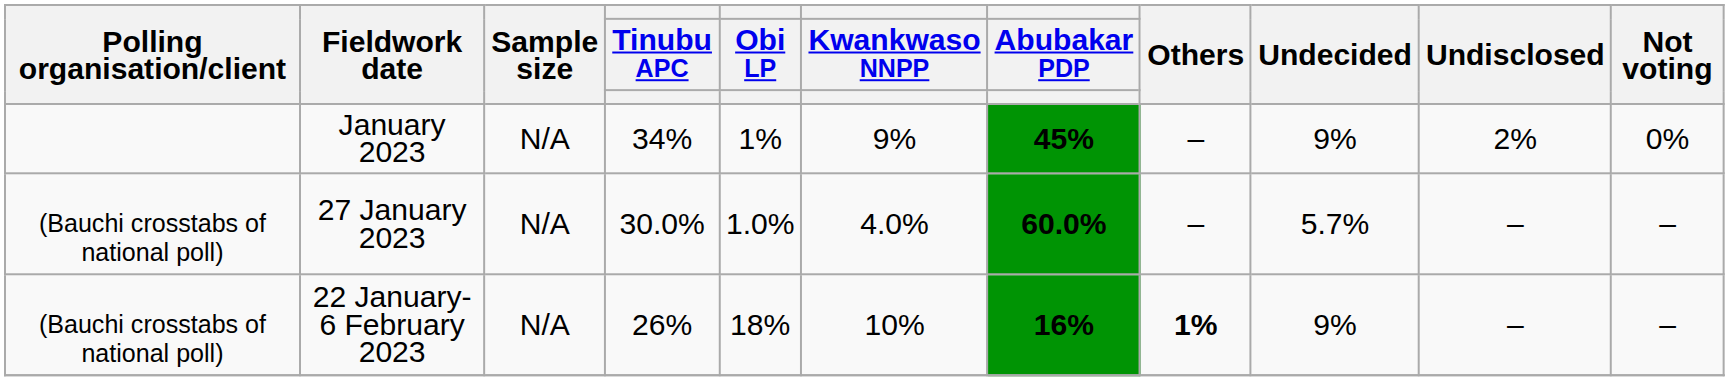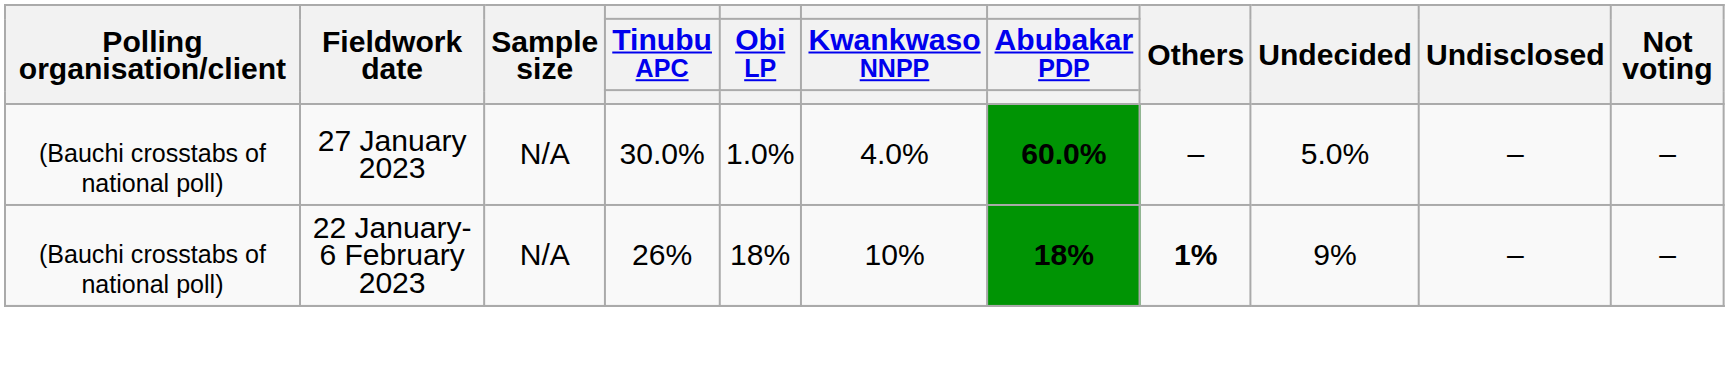 <table class="wikitable" style="text-align:center;font-size:95%;line-height:14px;">
 <tr>
 <th rowspan="3">Polling organisation/client</th>
 <th rowspan="3">Fieldwork<br>date</th>
 <th rowspan="3">Sample<br>size</th>
 <th></th>
 <th></th>
 <th></th>
 <th></th>
 <th rowspan="3">Others</th>
 <th rowspan="3">Undecided</th>
 <th rowspan="3">Undisclosed</th>
 <th rowspan="3">Not voting</th>
 </tr>
 <tr>
 <th><a href='#'>Tinubu</a><br><small><a href='#'>APC</a></small></th>
 <th><a href='#'>Obi</a><br><small><a href='#'>LP</a></small></th>
 <th><a href='#'>Kwankwaso</a><br><small><a href='#'>NNPP</a></small></th>
 <th><a href='#'>Abubakar</a><br><small><a href='#'>PDP</a></small></th>
 </tr>
 <tr>
 <th style="background:"></th>
 <th style="background:"></th>
 <th style="background:"></th>
 <th style="background:"></th>
 </tr>
 <tr>
-<td></td>
-<td>January 2023</td>
-<td>N/A</td>
-<td>34%</td>
-<td>1%</td>
-<td>9%</td>
-<td bgcolor=#009404><strong>45%</strong></td>
-<td>–</td>
-<td>9%</td>
-<td>2%</td>
-<td>0%</td>
-</tr>
-<tr>
 <td><br><small>(Bauchi crosstabs of national poll)</small></td>
 <td>27 January 2023</td>
 <td>N/A</td>
 <td>30.0%</td>
 <td>1.0%</td>
 <td>4.0%</td>
 <td bgcolor=#009404><strong>60.0%</strong></td>
 <td>–</td>
-<td>5.7%</td>
+<td>5.0%</td>
 <td>–</td>
 <td>–</td>
 </tr>
 <tr>
 <td><br><small>(Bauchi crosstabs of national poll)</small></td>
 <td>22 January-6 February 2023</td>
 <td>N/A</td>
 <td>26%</td>
 <td>18%</td>
 <td>10%</td>
-<td bgcolor=#009404><strong>16%</strong></td>
+<td bgcolor=#009404><strong>18%</strong></td>
 <td><strong>1%</strong></td>
 <td>9%</td>
 <td>–</td>
 <td>–</td>
 </tr>
 <tr>
 </tr>
 </table>
